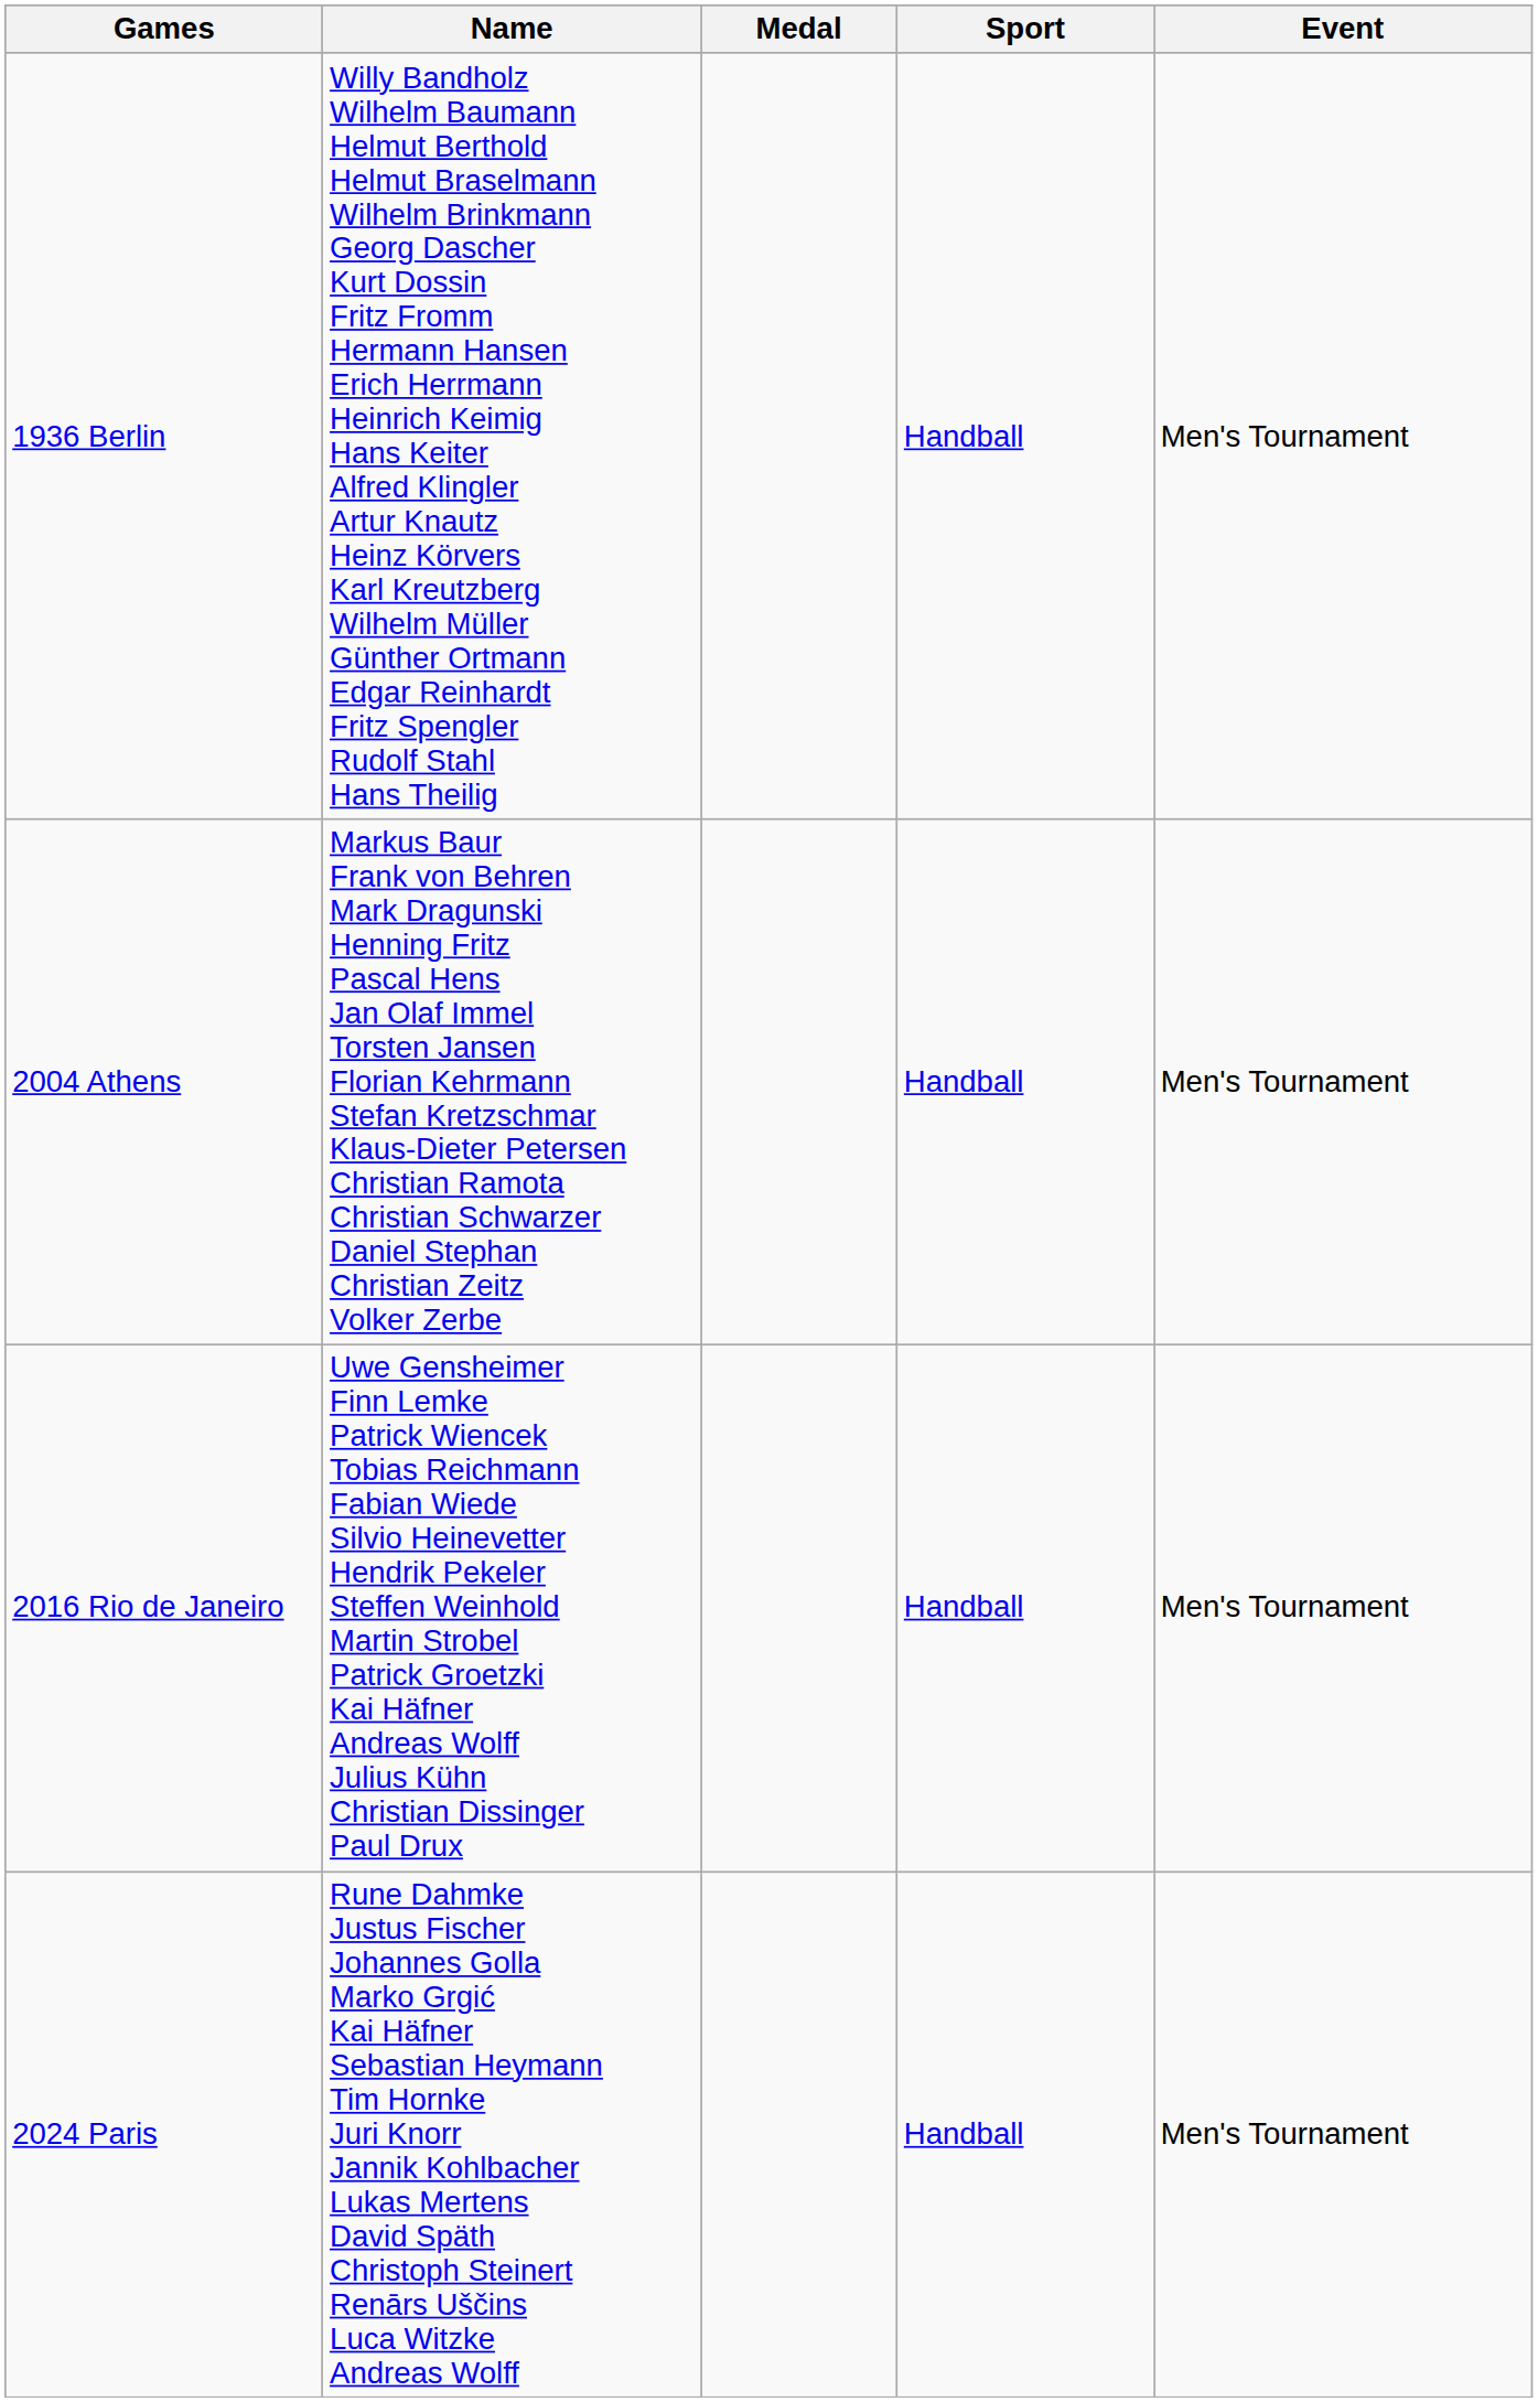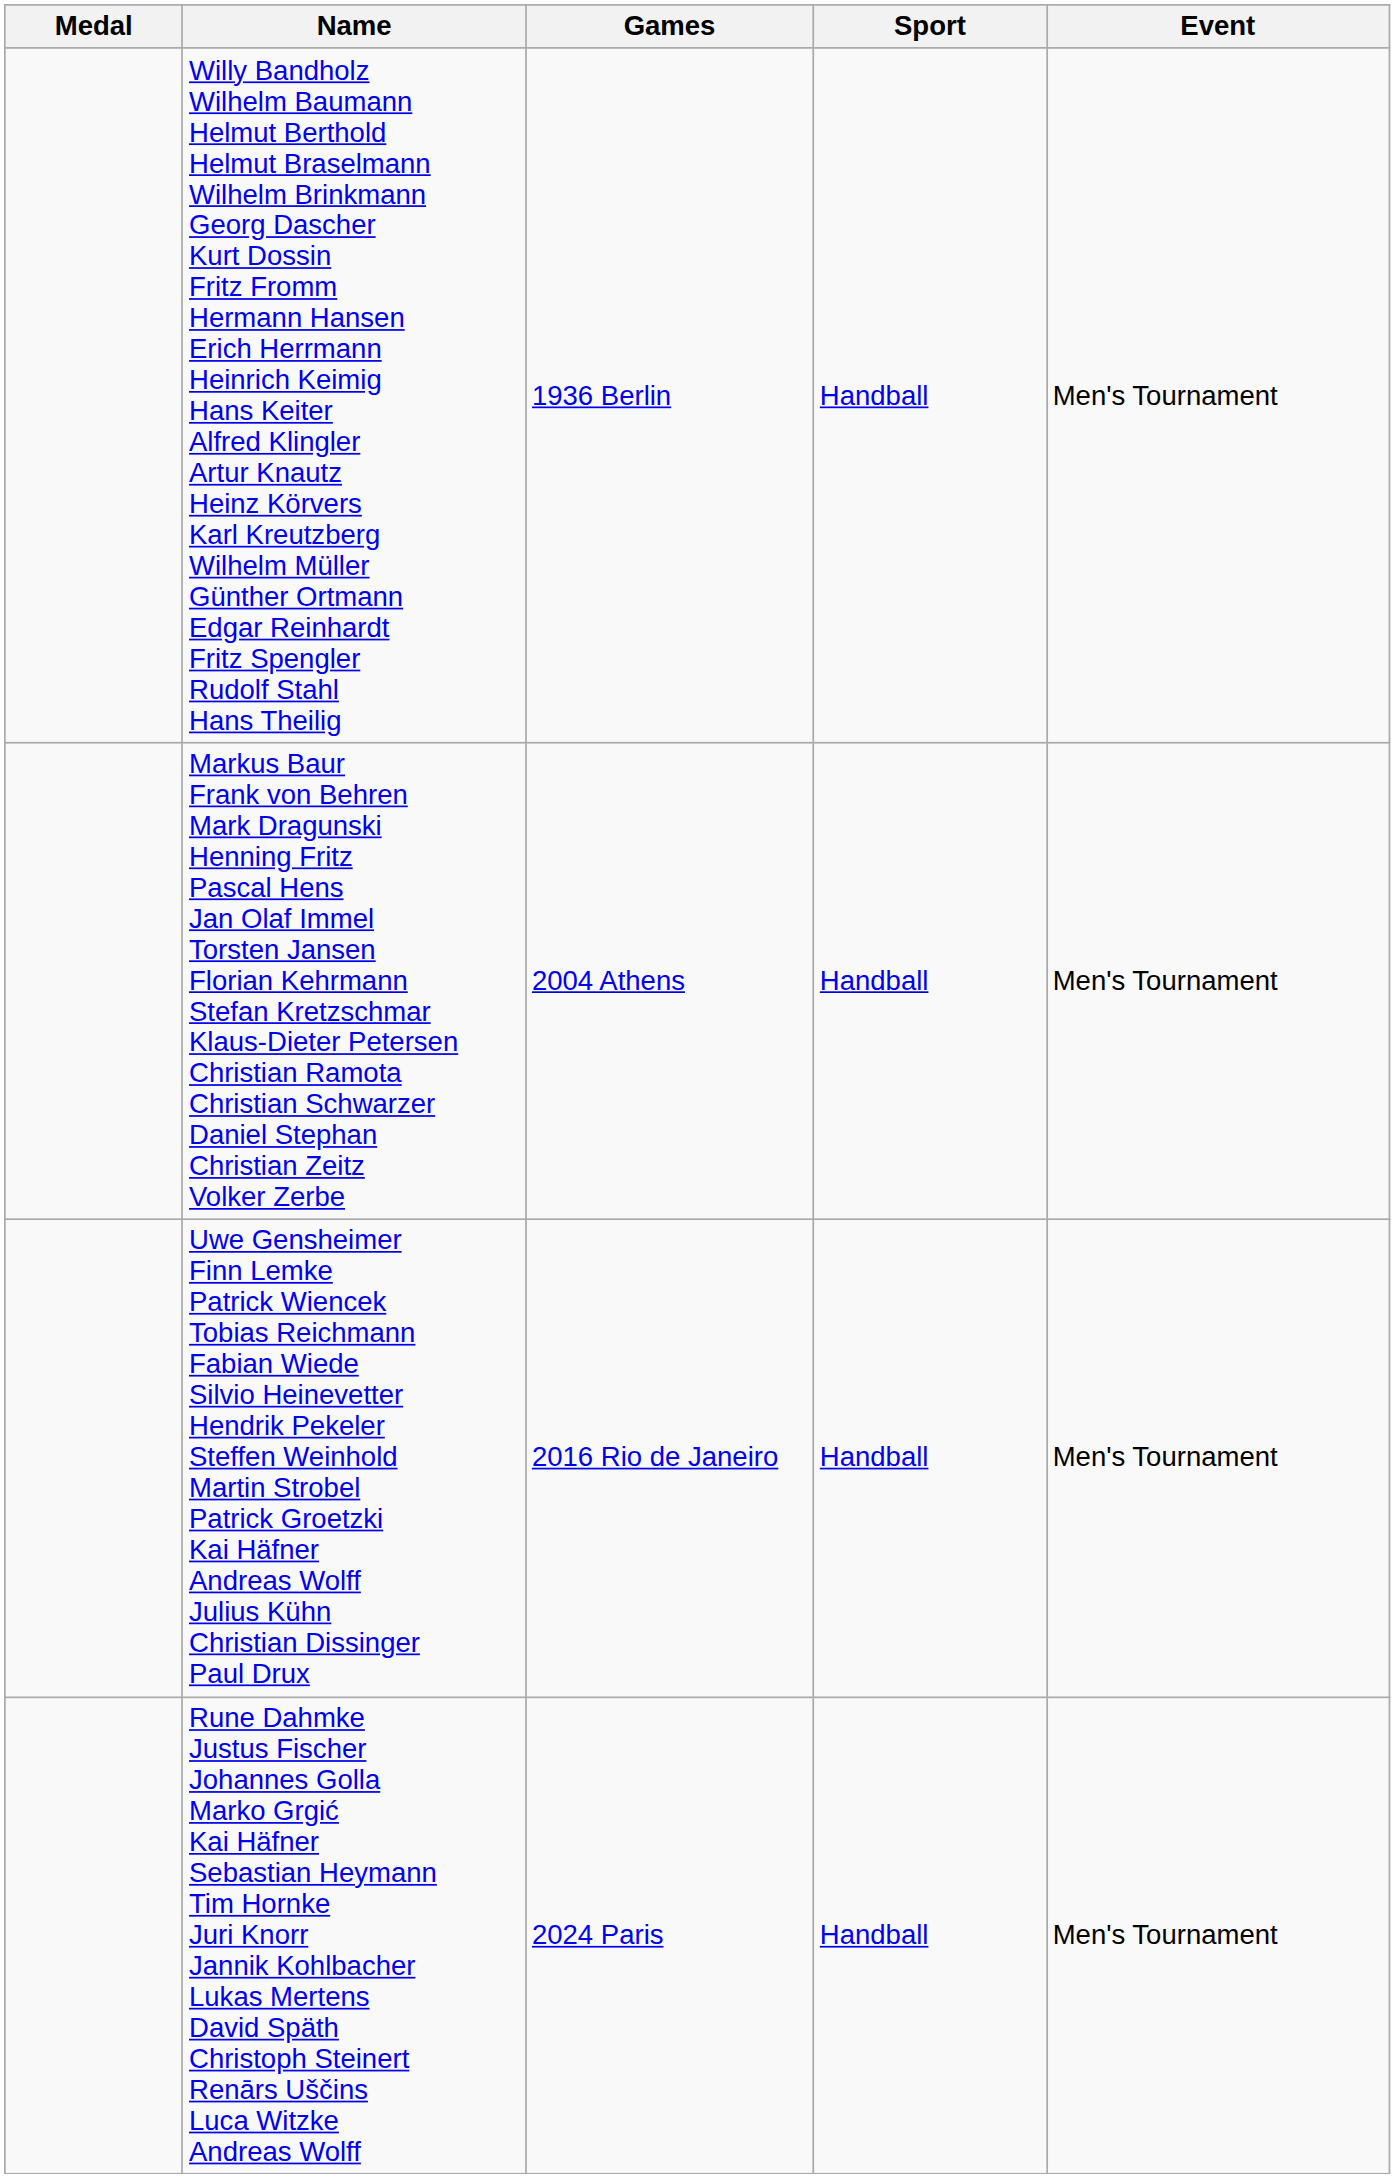 <table class="wikitable sortable">
 <tr>
+<th style="width:6em">Medal</th>
+<th style="width:12em">Name</th>
 <th style="width:10em">Games</th>
-<th style="width:12em">Name</th>
-<th style="width:6em">Medal</th>
 <th style="width:8em">Sport</th>
 <th style="width:12em">Event</th>
 </tr>
 <tr>
+<td></td>
+<td><a href='#'>Willy Bandholz</a><br><a href='#'>Wilhelm Baumann</a><br><a href='#'>Helmut Berthold</a><br><a href='#'>Helmut Braselmann</a><br><a href='#'>Wilhelm Brinkmann</a><br><a href='#'>Georg Dascher</a><br><a href='#'>Kurt Dossin</a><br><a href='#'>Fritz Fromm</a><br><a href='#'>Hermann Hansen</a><br><a href='#'>Erich Herrmann</a><br><a href='#'>Heinrich Keimig</a><br><a href='#'>Hans Keiter</a><br><a href='#'>Alfred Klingler</a><br><a href='#'>Artur Knautz</a><br><a href='#'>Heinz Körvers</a><br><a href='#'>Karl Kreutzberg</a><br><a href='#'>Wilhelm Müller</a><br><a href='#'>Günther Ortmann</a><br><a href='#'>Edgar Reinhardt</a><br><a href='#'>Fritz Spengler</a><br><a href='#'>Rudolf Stahl</a><br><a href='#'>Hans Theilig</a></td>
 <td> <a href='#'>1936 Berlin</a></td>
-<td><a href='#'>Willy Bandholz</a><br><a href='#'>Wilhelm Baumann</a><br><a href='#'>Helmut Berthold</a><br><a href='#'>Helmut Braselmann</a><br><a href='#'>Wilhelm Brinkmann</a><br><a href='#'>Georg Dascher</a><br><a href='#'>Kurt Dossin</a><br><a href='#'>Fritz Fromm</a><br><a href='#'>Hermann Hansen</a><br><a href='#'>Erich Herrmann</a><br><a href='#'>Heinrich Keimig</a><br><a href='#'>Hans Keiter</a><br><a href='#'>Alfred Klingler</a><br><a href='#'>Artur Knautz</a><br><a href='#'>Heinz Körvers</a><br><a href='#'>Karl Kreutzberg</a><br><a href='#'>Wilhelm Müller</a><br><a href='#'>Günther Ortmann</a><br><a href='#'>Edgar Reinhardt</a><br><a href='#'>Fritz Spengler</a><br><a href='#'>Rudolf Stahl</a><br><a href='#'>Hans Theilig</a></td>
-<td></td>
 <td> <a href='#'>Handball</a></td>
 <td>Men's Tournament</td>
 </tr>
 <tr>
+<td></td>
+<td><a href='#'>Markus Baur</a><br><a href='#'>Frank von Behren</a><br><a href='#'>Mark Dragunski</a><br><a href='#'>Henning Fritz</a><br><a href='#'>Pascal Hens</a><br><a href='#'>Jan Olaf Immel</a><br><a href='#'>Torsten Jansen</a><br><a href='#'>Florian Kehrmann</a><br><a href='#'>Stefan Kretzschmar</a><br><a href='#'>Klaus-Dieter Petersen</a><br><a href='#'>Christian Ramota</a><br><a href='#'>Christian Schwarzer</a><br><a href='#'>Daniel Stephan</a><br><a href='#'>Christian Zeitz</a><br><a href='#'>Volker Zerbe</a></td>
 <td> <a href='#'>2004 Athens</a></td>
-<td><a href='#'>Markus Baur</a><br><a href='#'>Frank von Behren</a><br><a href='#'>Mark Dragunski</a><br><a href='#'>Henning Fritz</a><br><a href='#'>Pascal Hens</a><br><a href='#'>Jan Olaf Immel</a><br><a href='#'>Torsten Jansen</a><br><a href='#'>Florian Kehrmann</a><br><a href='#'>Stefan Kretzschmar</a><br><a href='#'>Klaus-Dieter Petersen</a><br><a href='#'>Christian Ramota</a><br><a href='#'>Christian Schwarzer</a><br><a href='#'>Daniel Stephan</a><br><a href='#'>Christian Zeitz</a><br><a href='#'>Volker Zerbe</a></td>
-<td></td>
 <td> <a href='#'>Handball</a></td>
 <td>Men's Tournament</td>
 </tr>
 <tr>
+<td></td>
+<td><a href='#'>Uwe Gensheimer</a><br><a href='#'>Finn Lemke</a><br><a href='#'>Patrick Wiencek</a><br><a href='#'>Tobias Reichmann</a><br><a href='#'>Fabian Wiede</a><br><a href='#'>Silvio Heinevetter</a><br><a href='#'>Hendrik Pekeler</a><br><a href='#'>Steffen Weinhold</a><br><a href='#'>Martin Strobel</a><br><a href='#'>Patrick Groetzki</a><br><a href='#'>Kai Häfner</a><br><a href='#'>Andreas Wolff</a><br><a href='#'>Julius Kühn</a><br><a href='#'>Christian Dissinger</a><br><a href='#'>Paul Drux</a></td>
 <td> <a href='#'>2016 Rio de Janeiro</a></td>
-<td><a href='#'>Uwe Gensheimer</a><br><a href='#'>Finn Lemke</a><br><a href='#'>Patrick Wiencek</a><br><a href='#'>Tobias Reichmann</a><br><a href='#'>Fabian Wiede</a><br><a href='#'>Silvio Heinevetter</a><br><a href='#'>Hendrik Pekeler</a><br><a href='#'>Steffen Weinhold</a><br><a href='#'>Martin Strobel</a><br><a href='#'>Patrick Groetzki</a><br><a href='#'>Kai Häfner</a><br><a href='#'>Andreas Wolff</a><br><a href='#'>Julius Kühn</a><br><a href='#'>Christian Dissinger</a><br><a href='#'>Paul Drux</a></td>
-<td></td>
 <td> <a href='#'>Handball</a></td>
 <td>Men's Tournament</td>
 </tr>
 <tr>
+<td></td>
+<td><a href='#'>Rune Dahmke</a><br><a href='#'>Justus Fischer</a><br><a href='#'>Johannes Golla</a><br><a href='#'>Marko Grgić</a><br><a href='#'>Kai Häfner</a><br><a href='#'>Sebastian Heymann</a><br><a href='#'>Tim Hornke</a><br><a href='#'>Juri Knorr</a><br><a href='#'>Jannik Kohlbacher</a><br><a href='#'>Lukas Mertens</a><br><a href='#'>David Späth</a><br><a href='#'>Christoph Steinert</a><br><a href='#'>Renārs Uščins</a><br><a href='#'>Luca Witzke</a><br><a href='#'>Andreas Wolff</a></td>
 <td> <a href='#'>2024 Paris</a></td>
-<td><a href='#'>Rune Dahmke</a><br><a href='#'>Justus Fischer</a><br><a href='#'>Johannes Golla</a><br><a href='#'>Marko Grgić</a><br><a href='#'>Kai Häfner</a><br><a href='#'>Sebastian Heymann</a><br><a href='#'>Tim Hornke</a><br><a href='#'>Juri Knorr</a><br><a href='#'>Jannik Kohlbacher</a><br><a href='#'>Lukas Mertens</a><br><a href='#'>David Späth</a><br><a href='#'>Christoph Steinert</a><br><a href='#'>Renārs Uščins</a><br><a href='#'>Luca Witzke</a><br><a href='#'>Andreas Wolff</a></td>
-<td></td>
 <td> <a href='#'>Handball</a></td>
 <td>Men's Tournament</td>
 </tr>
 </table>
